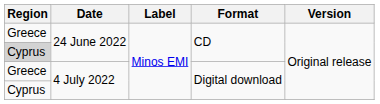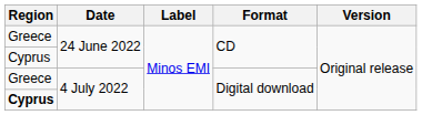 <table class="sortable wikitable">
 <tr>
 <th>Region</th>
 <th>Date</th>
 <th>Label</th>
 <th>Format</th>
 <th>Version</th>
 </tr>
 <tr>
 <td>Greece</td>
 <td rowspan="2">24 June 2022</td>
 <td rowspan="4"><a href='#'>Minos EMI</a></td>
 <td rowspan="2">CD</td>
 <td rowspan="4">Original release</td>
 </tr>
 <tr>
-<td style="background: lightgrey;">Cyprus</td>
+<td>Cyprus</td>
 </tr>
 <tr>
 <td>Greece</td>
 <td rowspan="2">4 July 2022</td>
 <td rowspan="2">Digital download</td>
 </tr>
 <tr>
-<td>Cyprus</td>
+<td><strong>Cyprus</strong></td>
 </tr>
 </table>
